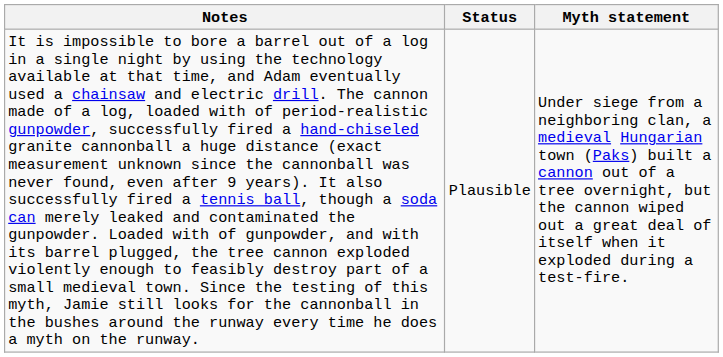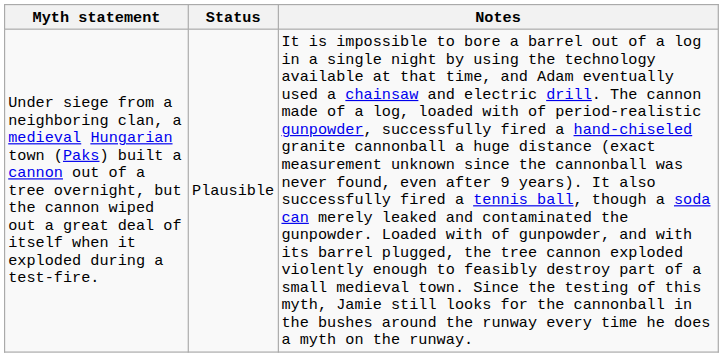 <table class="wikitable plainrowheaders">
 <tr>
+<th>Myth statement</th>
+<th>Status</th>
 <th>Notes</th>
-<th>Status</th>
-<th>Myth statement</th>
 </tr>
 <tr>
+<td>Under siege from a neighboring clan, a <a href='#'>medieval</a> <a href='#'>Hungarian</a> town (<a href='#'>Paks</a>) built a <a href='#'>cannon</a> out of a tree overnight, but the cannon wiped out a great deal of itself when it exploded during a test-fire.</td>
+<td><span>Plausible</span></td>
 <td>It is impossible to bore a barrel out of a log in a single night by using the technology available at that time, and Adam eventually used a <a href='#'>chainsaw</a> and electric <a href='#'>drill</a>. The cannon made of a log, loaded with  of period-realistic <a href='#'>gunpowder</a>, successfully fired a  <a href='#'>hand-chiseled</a> granite cannonball a huge distance (exact measurement unknown since the cannonball was never found, even after 9 years). It also successfully fired a <a href='#'>tennis ball</a>, though a <a href='#'>soda can</a> merely leaked and contaminated the gunpowder. Loaded with  of gunpowder, and with its barrel plugged, the tree cannon exploded violently enough to feasibly destroy part of a small medieval town. Since the testing of this myth, Jamie still looks for the cannonball in the bushes around the runway every time he does a myth on the runway.</td>
-<td><span>Plausible</span></td>
-<td>Under siege from a neighboring clan, a <a href='#'>medieval</a> <a href='#'>Hungarian</a> town (<a href='#'>Paks</a>) built a <a href='#'>cannon</a> out of a tree overnight, but the cannon wiped out a great deal of itself when it exploded during a test-fire.</td>
 </tr>
 </table>
